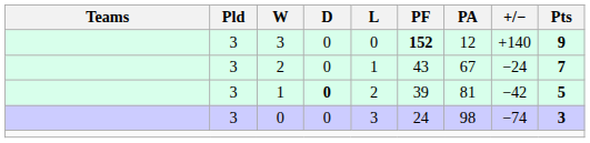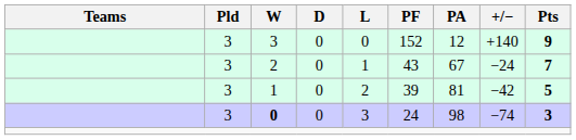 <table class="wikitable" style="text-align: center;">
 <tr>
 <th width="200">Teams</th>
 <th width="40">Pld</th>
 <th width="40">W</th>
 <th width="40">D</th>
 <th width="40">L</th>
 <th width="40">PF</th>
 <th width="40">PA</th>
 <th width="40">+/−</th>
 <th width="40">Pts</th>
 </tr>
 <tr bgcolor=#d8ffeb>
 <td align=left></td>
 <td>3</td>
 <td>3</td>
 <td>0</td>
 <td>0</td>
-<td><strong>152</strong></td>
+<td>152</td>
 <td>12</td>
 <td>+140</td>
 <td><strong>9</strong></td>
 </tr>
 <tr bgcolor=#d8ffeb>
 <td align=left></td>
 <td>3</td>
 <td>2</td>
 <td>0</td>
 <td>1</td>
 <td>43</td>
 <td>67</td>
 <td>−24</td>
 <td><strong>7</strong></td>
 </tr>
 <tr bgcolor=#d8ffeb>
 <td align=left></td>
 <td>3</td>
 <td>1</td>
-<td><strong>0</strong></td>
+<td>0</td>
 <td>2</td>
 <td>39</td>
 <td>81</td>
 <td>−42</td>
 <td><strong>5</strong></td>
 </tr>
 <tr bgcolor=#ccccff>
 <td align=left></td>
 <td>3</td>
-<td>0</td>
+<td><strong>0</strong></td>
 <td>0</td>
 <td>3</td>
 <td>24</td>
 <td>98</td>
 <td>−74</td>
 <td><strong>3</strong></td>
 </tr>
 <tr bgcolor="#f9f9f9" align=center>
 <td colspan="15" style="border:0px"></td>
 </tr>
 </table>
